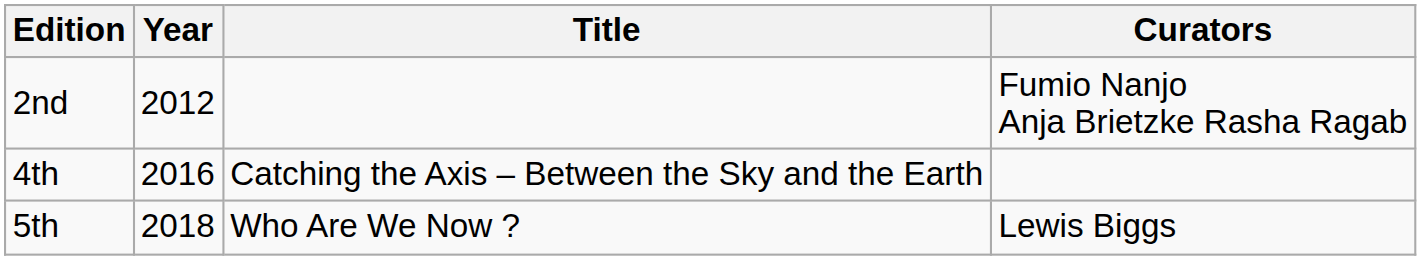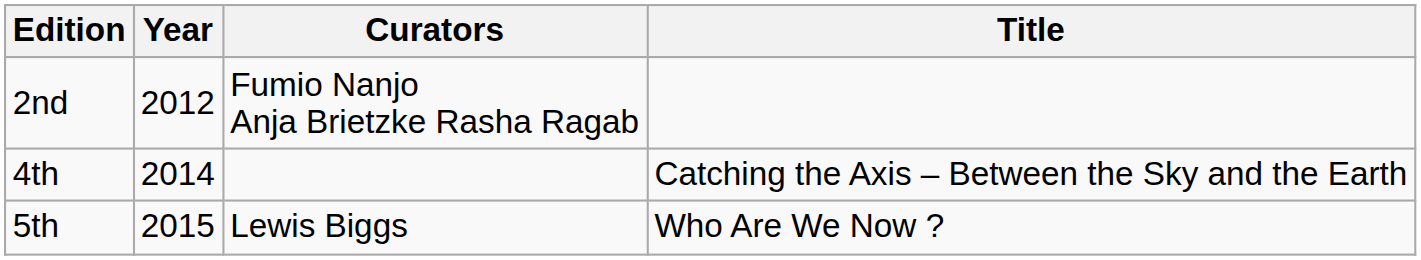 <table class="wikitable">
 <tr>
 <th>Edition</th>
 <th>Year</th>
+<th>Curators</th>
 <th>Title</th>
-<th>Curators</th>
 </tr>
 <tr>
 <td>2nd</td>
 <td>2012</td>
+<td>Fumio Nanjo<br>Anja Brietzke Rasha Ragab</td>
 <td></td>
-<td>Fumio Nanjo<br>Anja Brietzke Rasha Ragab</td>
 </tr>
 <tr>
 <td>4th</td>
-<td>2016</td>
+<td>2014</td>
+<td></td>
 <td>Catching the Axis – Between the Sky and the Earth</td>
-<td></td>
 </tr>
 <tr>
 <td>5th</td>
-<td>2018</td>
+<td>2015</td>
+<td>Lewis Biggs</td>
 <td>Who Are We Now ?</td>
-<td>Lewis Biggs</td>
 </tr>
 </table>
